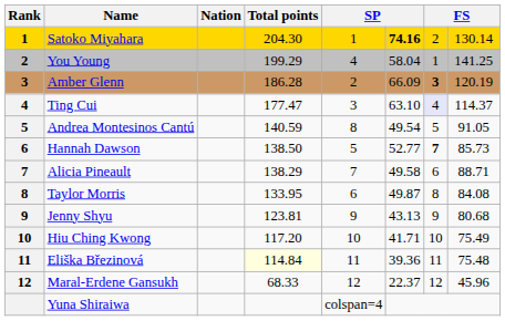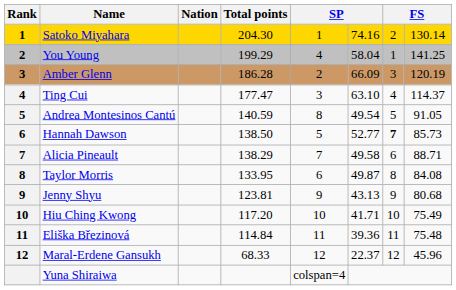 <table class="wikitable sortable">
 <tr>
 <th>Rank</th>
 <th>Name</th>
 <th>Nation</th>
 <th>Total points</th>
 <th colspan="2" width="80px"><a href='#'>SP</a></th>
 <th colspan="2" width="80px"><a href='#'>FS</a></th>
 </tr>
 <tr bgcolor="gold">
 <td align="center"><strong>1</strong></td>
 <td><a href='#'>Satoko Miyahara</a></td>
 <td></td>
 <td align="center">204.30</td>
 <td align="center">1</td>
-<td align="center"><strong>74.16</strong></td>
+<td align="center">74.16</td>
 <td align="center">2</td>
 <td align="center">130.14</td>
 </tr>
 <tr bgcolor="silver">
 <td align="center"><strong>2</strong></td>
 <td><a href='#'>You Young</a></td>
 <td></td>
 <td align="center">199.29</td>
 <td align="center">4</td>
 <td align="center">58.04</td>
 <td align="center">1</td>
 <td align="center">141.25</td>
 </tr>
 <tr bgcolor="cc9966">
 <td align="center"><strong>3</strong></td>
 <td><a href='#'>Amber Glenn</a></td>
 <td></td>
 <td align="center">186.28</td>
 <td align="center">2</td>
 <td align="center">66.09</td>
-<td align="center"><strong>3</strong></td>
+<td align="center">3</td>
 <td align="center">120.19</td>
 </tr>
 <tr>
 <th>4</th>
 <td><a href='#'>Ting Cui</a></td>
 <td></td>
 <td align="center">177.47</td>
 <td align="center">3</td>
 <td align="center">63.10</td>
-<td align="center" style="background: lavender;">4</td>
+<td align="center">4</td>
 <td align="center">114.37</td>
 </tr>
 <tr>
 <th>5</th>
 <td><a href='#'>Andrea Montesinos Cantú</a></td>
 <td></td>
 <td align="center">140.59</td>
 <td align="center">8</td>
 <td align="center">49.54</td>
 <td align="center">5</td>
 <td align="center">91.05</td>
 </tr>
 <tr>
 <th>6</th>
 <td><a href='#'>Hannah Dawson</a></td>
 <td></td>
 <td align="center">138.50</td>
 <td align="center">5</td>
 <td align="center">52.77</td>
 <td align="center"><strong>7</strong></td>
 <td align="center">85.73</td>
 </tr>
 <tr>
 <th>7</th>
 <td><a href='#'>Alicia Pineault</a></td>
 <td></td>
 <td align="center">138.29</td>
 <td align="center">7</td>
 <td align="center">49.58</td>
 <td align="center">6</td>
 <td align="center">88.71</td>
 </tr>
 <tr>
 <th>8</th>
 <td><a href='#'>Taylor Morris</a></td>
 <td></td>
 <td align="center">133.95</td>
 <td align="center">6</td>
 <td align="center">49.87</td>
 <td align="center">8</td>
 <td align="center">84.08</td>
 </tr>
 <tr>
 <th>9</th>
 <td><a href='#'>Jenny Shyu</a></td>
 <td></td>
 <td align="center">123.81</td>
 <td align="center">9</td>
 <td align="center">43.13</td>
 <td align="center">9</td>
 <td align="center">80.68</td>
 </tr>
 <tr>
 <th>10</th>
 <td><a href='#'>Hiu Ching Kwong</a></td>
 <td></td>
 <td align="center">117.20</td>
 <td align="center">10</td>
 <td align="center">41.71</td>
 <td align="center">10</td>
 <td align="center">75.49</td>
 </tr>
 <tr>
 <th>11</th>
 <td><a href='#'>Eliška Březinová</a></td>
 <td></td>
-<td align="center" style="background: lightyellow;">114.84</td>
+<td align="center">114.84</td>
 <td align="center">11</td>
 <td align="center">39.36</td>
 <td align="center">11</td>
 <td align="center">75.48</td>
 </tr>
 <tr>
 <th>12</th>
 <td><a href='#'>Maral-Erdene Gansukh</a></td>
 <td></td>
 <td align="center">68.33</td>
 <td align="center">12</td>
 <td align="center">22.37</td>
 <td align="center">12</td>
 <td align="center">45.96</td>
 </tr>
 <tr>
 <th></th>
 <td><a href='#'>Yuna Shiraiwa</a></td>
 <td></td>
 <td></td>
 <td>colspan=4 </td>
 </tr>
 </table>
